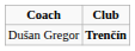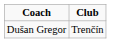 <table class="wikitable" style="text-align: center;">
 <tr>
 <td><strong>Coach</strong></td>
 <td><strong>Club</strong></td>
 </tr>
 <tr>
 <td> Dušan Gregor</td>
-<td><strong>Trenčín</strong></td>
+<td>Trenčín</td>
 </tr>
 </table>
